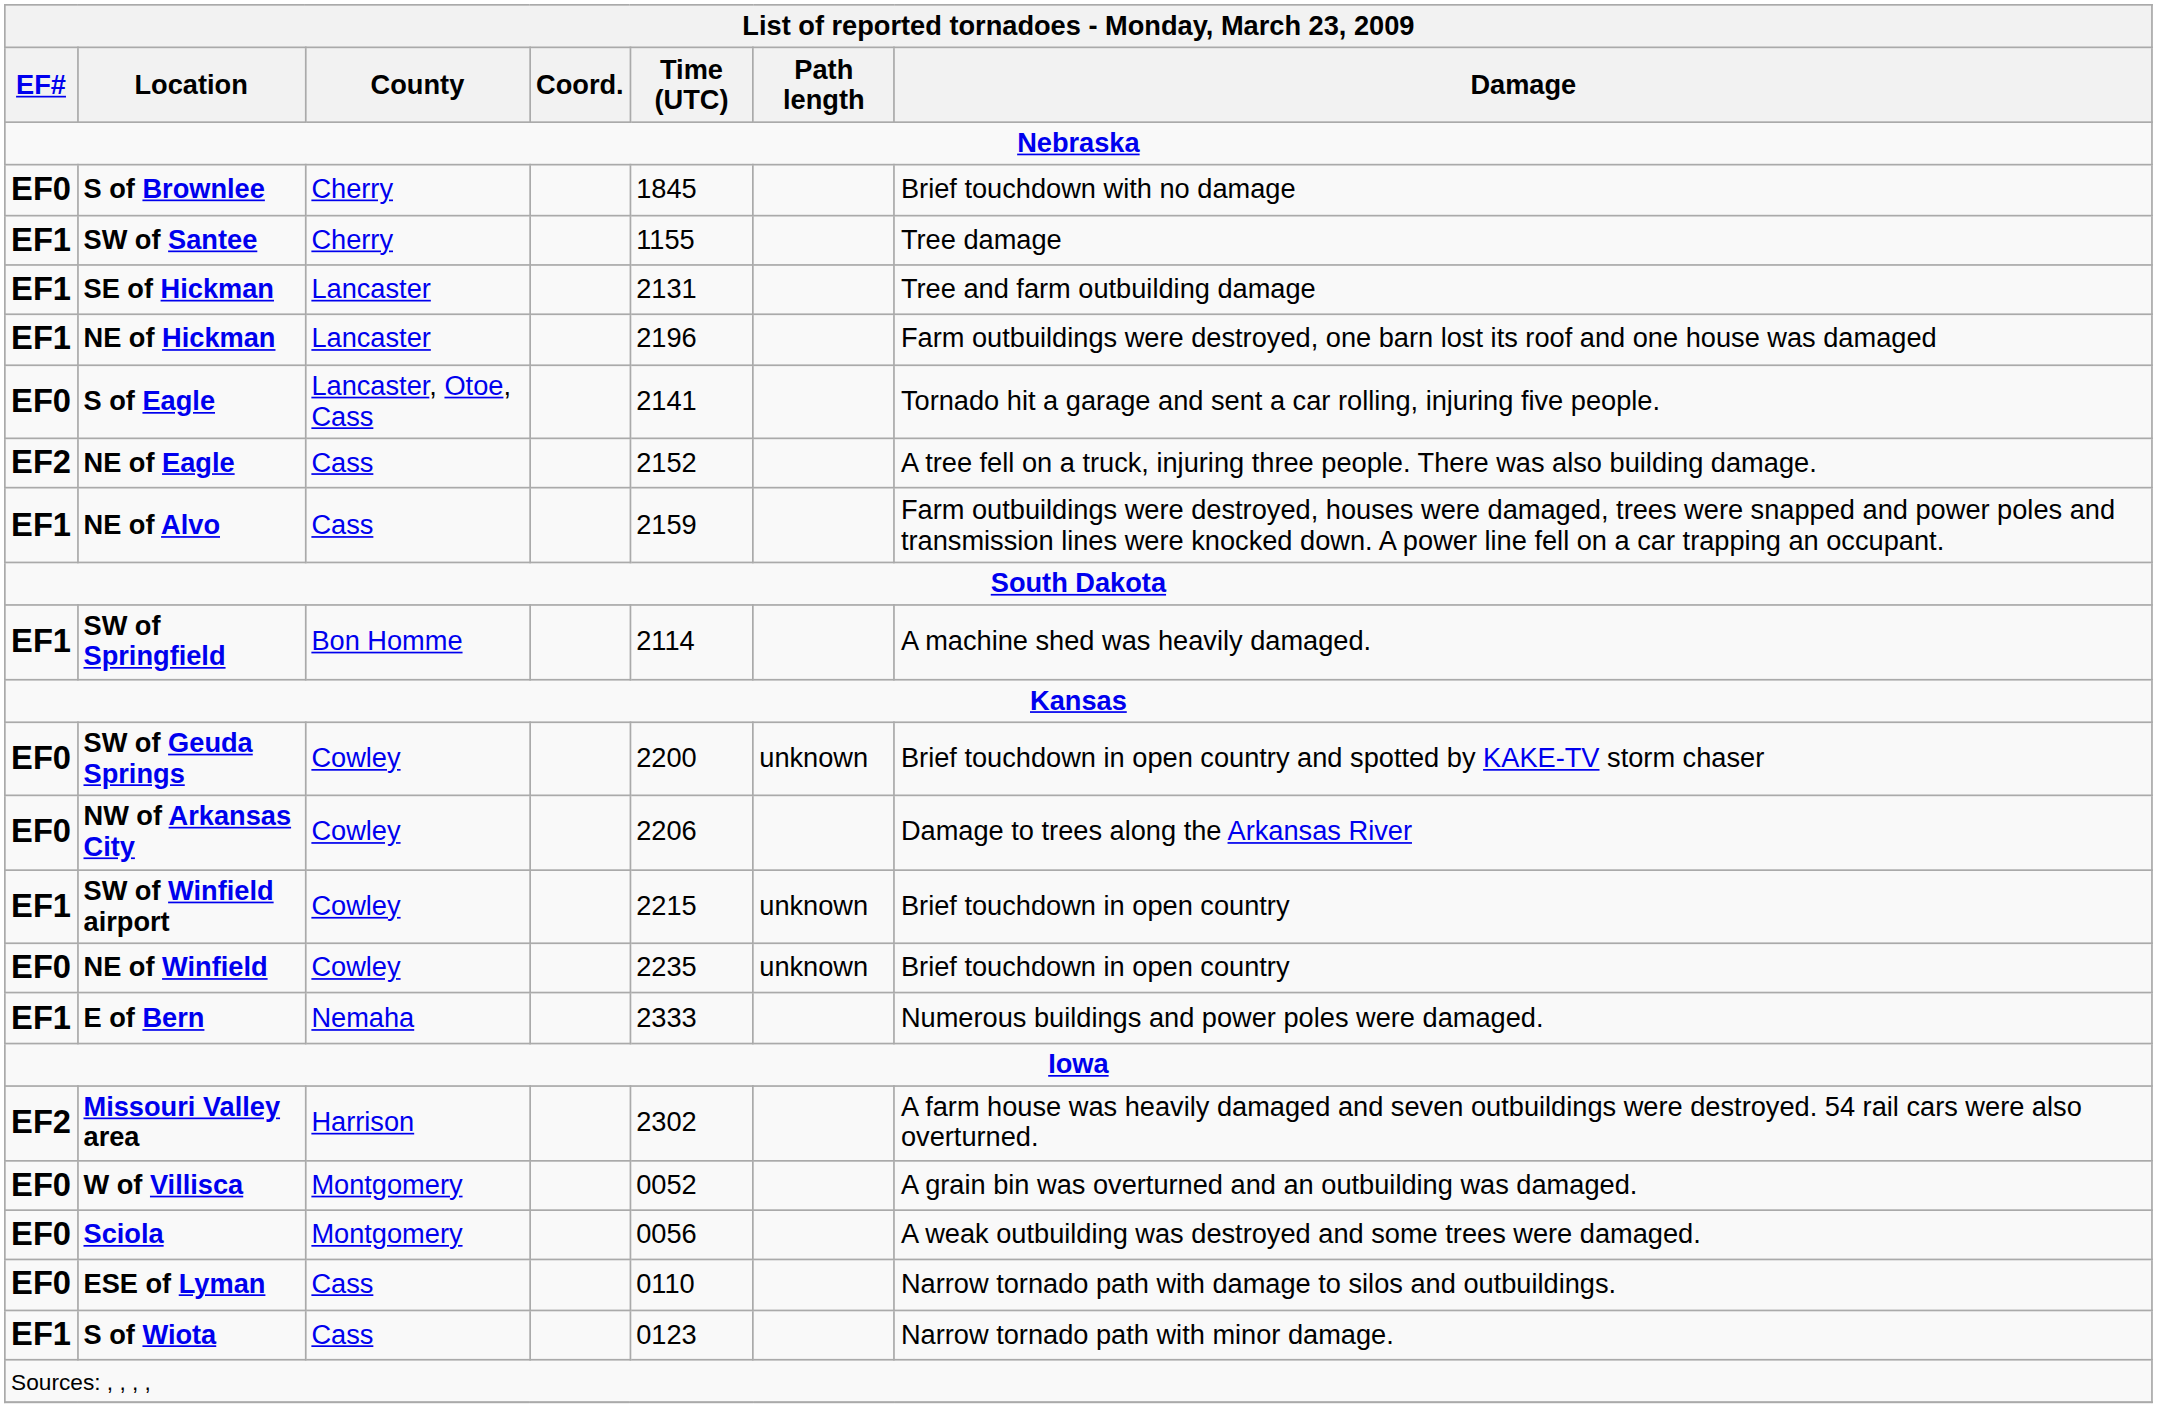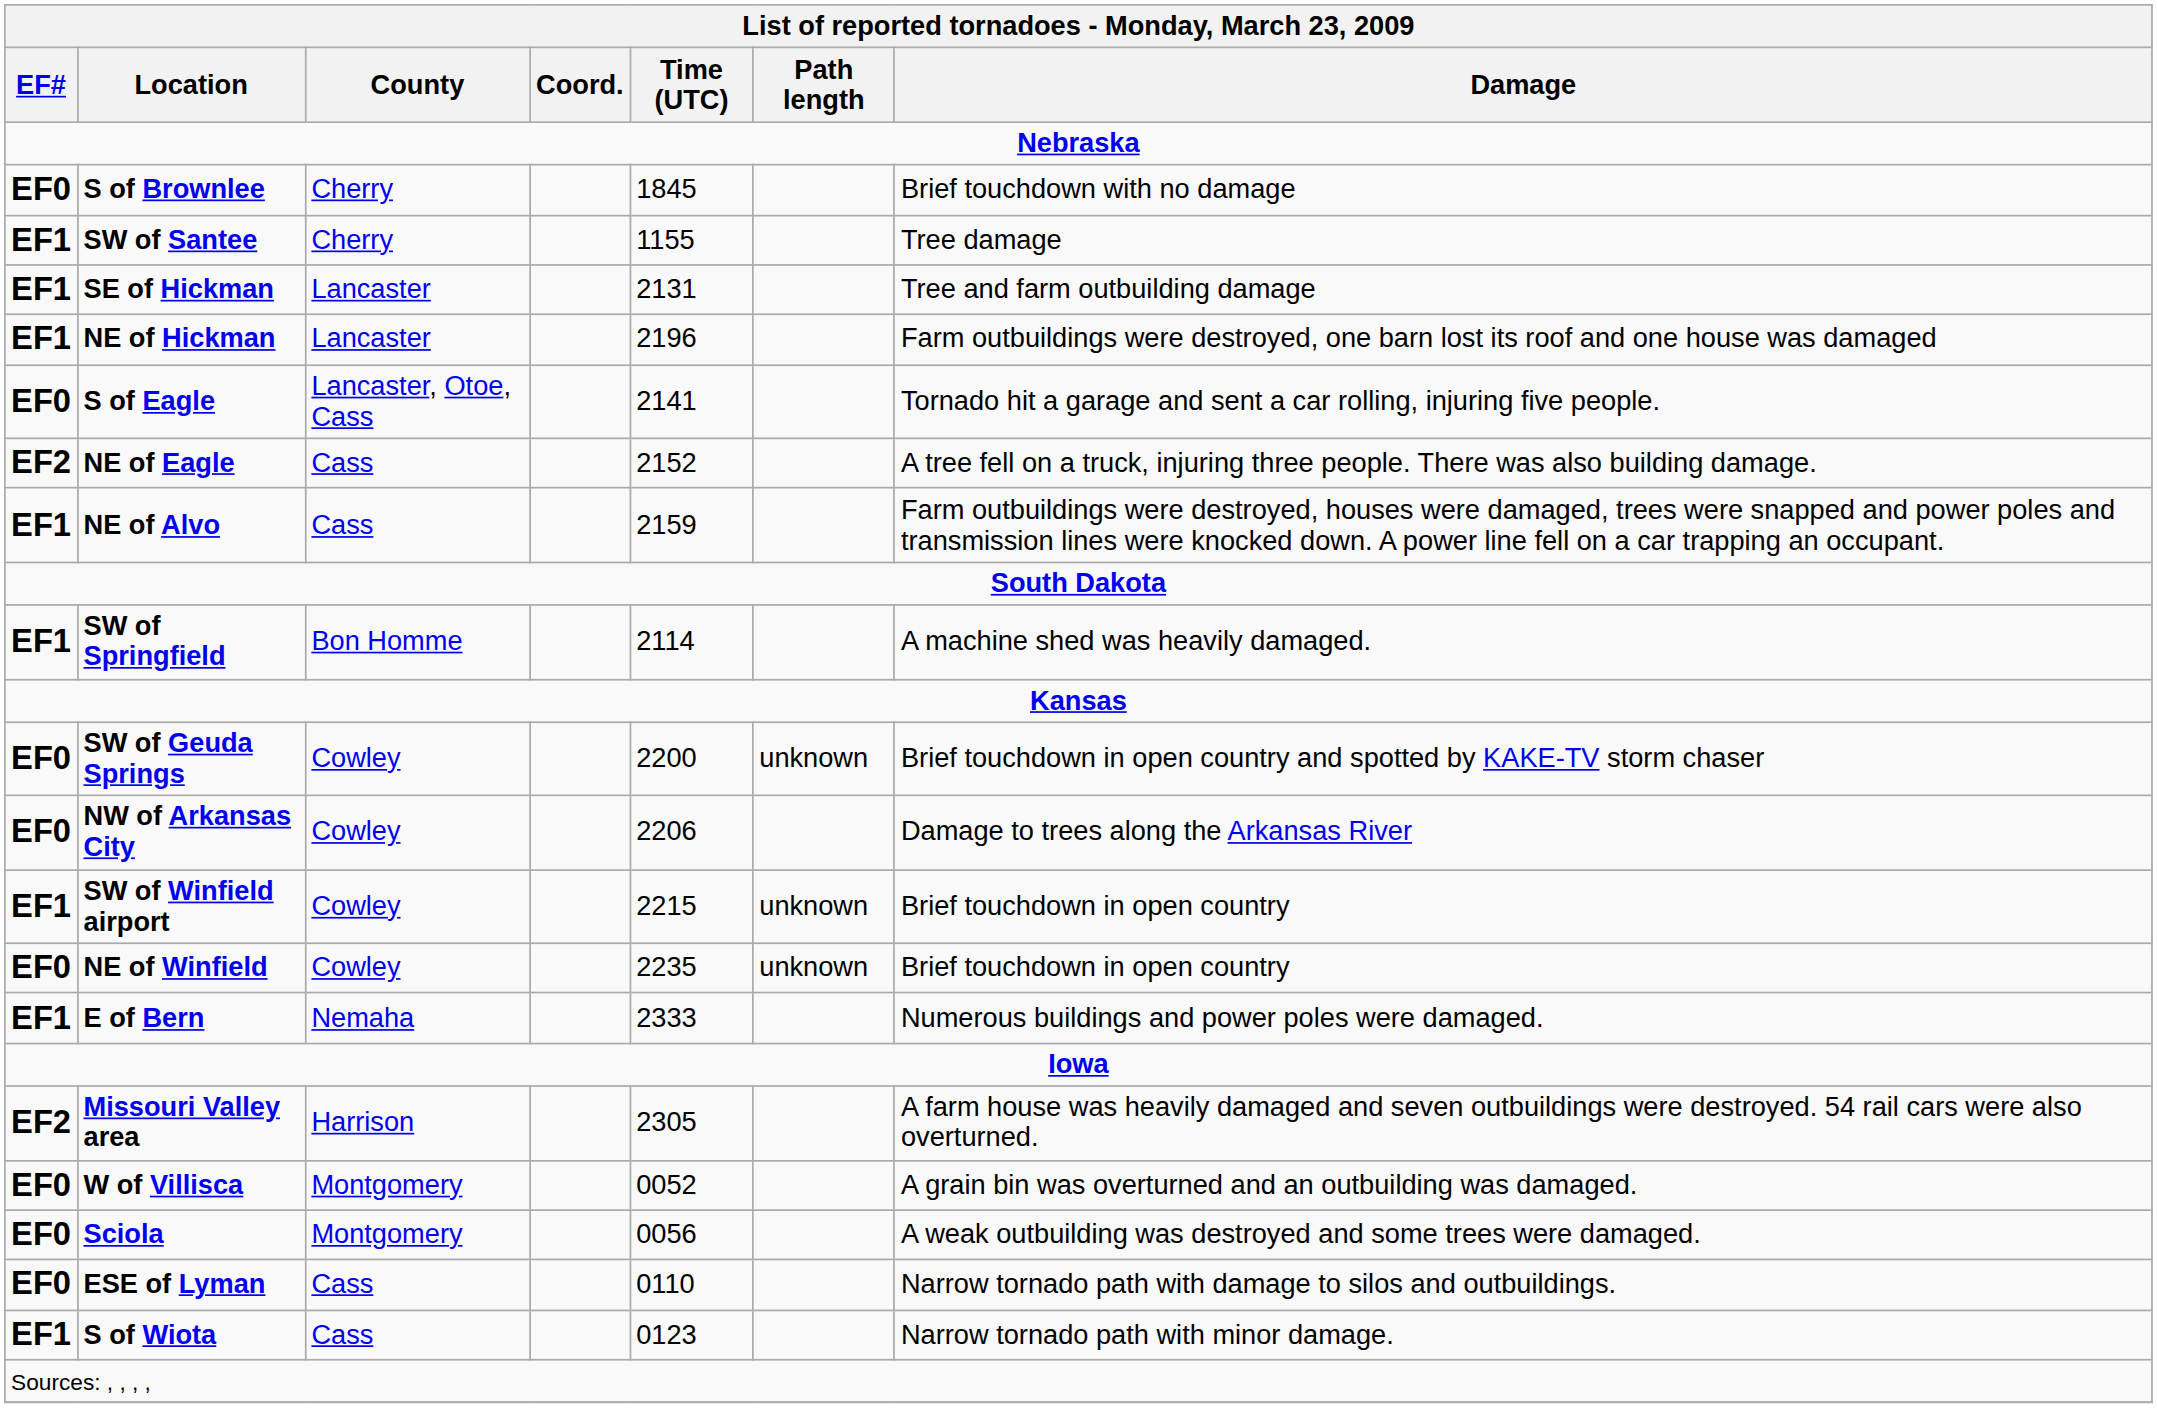 <table class="wikitable collapsible" width="100%">
 <tr>
 <th colspan="7">List of reported tornadoes - Monday, March 23, 2009</th>
 </tr>
 <tr>
 <th><a href='#'>EF#</a></th>
 <th>Location</th>
 <th>County</th>
 <th>Coord.</th>
 <th>Time (UTC)</th>
 <th>Path length</th>
 <th>Damage</th>
 </tr>
 <tr>
 <td colspan="7" align=center><strong><a href='#'>Nebraska</a></strong></td>
 </tr>
 <tr>
 <td><big><strong>EF0</strong></big></td>
 <td><strong>S of <a href='#'>Brownlee</a></strong></td>
 <td><a href='#'>Cherry</a></td>
 <td></td>
 <td>1845</td>
 <td></td>
 <td>Brief touchdown with no damage</td>
 </tr>
 <tr>
 <td><big><strong>EF1</strong></big></td>
 <td><strong>SW of <a href='#'>Santee</a></strong></td>
 <td><a href='#'>Cherry</a></td>
 <td></td>
 <td>1155</td>
 <td></td>
 <td>Tree damage</td>
 </tr>
 <tr>
 <td><big><strong>EF1</strong></big></td>
 <td><strong>SE of <a href='#'>Hickman</a></strong></td>
 <td><a href='#'>Lancaster</a></td>
 <td></td>
 <td>2131</td>
 <td></td>
 <td>Tree and farm outbuilding damage</td>
 </tr>
 <tr>
 <td><big><strong>EF1</strong></big></td>
 <td><strong>NE of <a href='#'>Hickman</a></strong></td>
 <td><a href='#'>Lancaster</a></td>
 <td></td>
 <td>2196</td>
 <td></td>
 <td>Farm outbuildings were destroyed, one barn lost its roof and one house was damaged</td>
 </tr>
 <tr>
 <td><big><strong>EF0</strong></big></td>
 <td><strong>S of <a href='#'>Eagle</a></strong></td>
 <td><a href='#'>Lancaster</a>, <a href='#'>Otoe</a>, <a href='#'>Cass</a></td>
 <td></td>
 <td>2141</td>
 <td></td>
 <td>Tornado hit a garage and sent a car rolling, injuring five people.</td>
 </tr>
 <tr>
 <td><big><strong>EF2</strong></big></td>
 <td><strong>NE of <a href='#'>Eagle</a></strong></td>
 <td><a href='#'>Cass</a></td>
 <td></td>
 <td>2152</td>
 <td></td>
 <td>A tree fell on a truck, injuring three people. There was also building damage.</td>
 </tr>
 <tr>
 <td><big><strong>EF1</strong></big></td>
 <td><strong>NE of <a href='#'>Alvo</a></strong></td>
 <td><a href='#'>Cass</a></td>
 <td></td>
 <td>2159</td>
 <td></td>
 <td>Farm outbuildings were destroyed, houses were damaged, trees were snapped and power poles and transmission lines were knocked down. A power line fell on a car trapping an occupant.</td>
 </tr>
 <tr>
 <td colspan="7" align=center><strong><a href='#'>South Dakota</a></strong></td>
 </tr>
 <tr>
 <td><big><strong>EF1</strong></big></td>
 <td><strong>SW of <a href='#'>Springfield</a></strong></td>
 <td><a href='#'>Bon Homme</a></td>
 <td></td>
 <td>2114</td>
 <td></td>
 <td>A machine shed was heavily damaged.</td>
 </tr>
 <tr>
 <td colspan="7" align=center><strong><a href='#'>Kansas</a></strong></td>
 </tr>
 <tr>
 <td><big><strong>EF0</strong></big></td>
 <td><strong>SW of <a href='#'>Geuda Springs</a></strong></td>
 <td><a href='#'>Cowley</a></td>
 <td></td>
 <td>2200</td>
 <td>unknown</td>
 <td>Brief touchdown in open country and spotted by <a href='#'>KAKE-TV</a> storm chaser</td>
 </tr>
 <tr>
 <td><big><strong>EF0</strong></big></td>
 <td><strong>NW of <a href='#'>Arkansas City</a></strong></td>
 <td><a href='#'>Cowley</a></td>
 <td></td>
 <td>2206</td>
 <td></td>
 <td>Damage to trees along the <a href='#'>Arkansas River</a></td>
 </tr>
 <tr>
 <td><big><strong>EF1</strong></big></td>
 <td><strong>SW of <a href='#'>Winfield</a> airport</strong></td>
 <td><a href='#'>Cowley</a></td>
 <td></td>
 <td>2215</td>
 <td>unknown</td>
 <td>Brief touchdown in open country</td>
 </tr>
 <tr>
 <td><big><strong>EF0</strong></big></td>
 <td><strong>NE of <a href='#'>Winfield</a></strong></td>
 <td><a href='#'>Cowley</a></td>
 <td></td>
 <td>2235</td>
 <td>unknown</td>
 <td>Brief touchdown in open country</td>
 </tr>
 <tr>
 <td><big><strong>EF1</strong></big></td>
 <td><strong>E of <a href='#'>Bern</a></strong></td>
 <td><a href='#'>Nemaha</a></td>
 <td></td>
 <td>2333</td>
 <td></td>
 <td>Numerous buildings and power poles were damaged.</td>
 </tr>
 <tr>
 <td colspan="7" align=center><strong><a href='#'>Iowa</a></strong></td>
 </tr>
 <tr>
 <td><big><strong>EF2</strong></big></td>
 <td><strong><a href='#'>Missouri Valley</a> area</strong></td>
 <td><a href='#'>Harrison</a></td>
 <td></td>
-<td>2302</td>
+<td>2305</td>
 <td></td>
 <td>A farm house was heavily damaged and seven outbuildings were destroyed. 54 rail cars were also overturned.</td>
 </tr>
 <tr>
 <td><big><strong>EF0</strong></big></td>
 <td><strong>W of <a href='#'>Villisca</a></strong></td>
 <td><a href='#'>Montgomery</a></td>
 <td></td>
 <td>0052</td>
 <td></td>
 <td>A grain bin was overturned and an outbuilding was damaged.</td>
 </tr>
 <tr>
 <td><big><strong>EF0</strong></big></td>
 <td><strong><a href='#'>Sciola</a></strong></td>
 <td><a href='#'>Montgomery</a></td>
 <td></td>
 <td>0056</td>
 <td></td>
 <td>A weak outbuilding was destroyed and some trees were damaged.</td>
 </tr>
 <tr>
 <td><big><strong>EF0</strong></big></td>
 <td><strong>ESE of <a href='#'>Lyman</a></strong></td>
 <td><a href='#'>Cass</a></td>
 <td></td>
 <td>0110</td>
 <td></td>
 <td>Narrow tornado path with damage to silos and outbuildings.</td>
 </tr>
 <tr>
 <td><big><strong>EF1</strong></big></td>
 <td><strong>S of <a href='#'>Wiota</a></strong></td>
 <td><a href='#'>Cass</a></td>
 <td></td>
 <td>0123</td>
 <td></td>
 <td>Narrow tornado path with minor damage.</td>
 </tr>
 <tr>
 <td colspan="7"><small>Sources: , , , , </small></td>
 </tr>
 <tr>
 </tr>
 </table>
